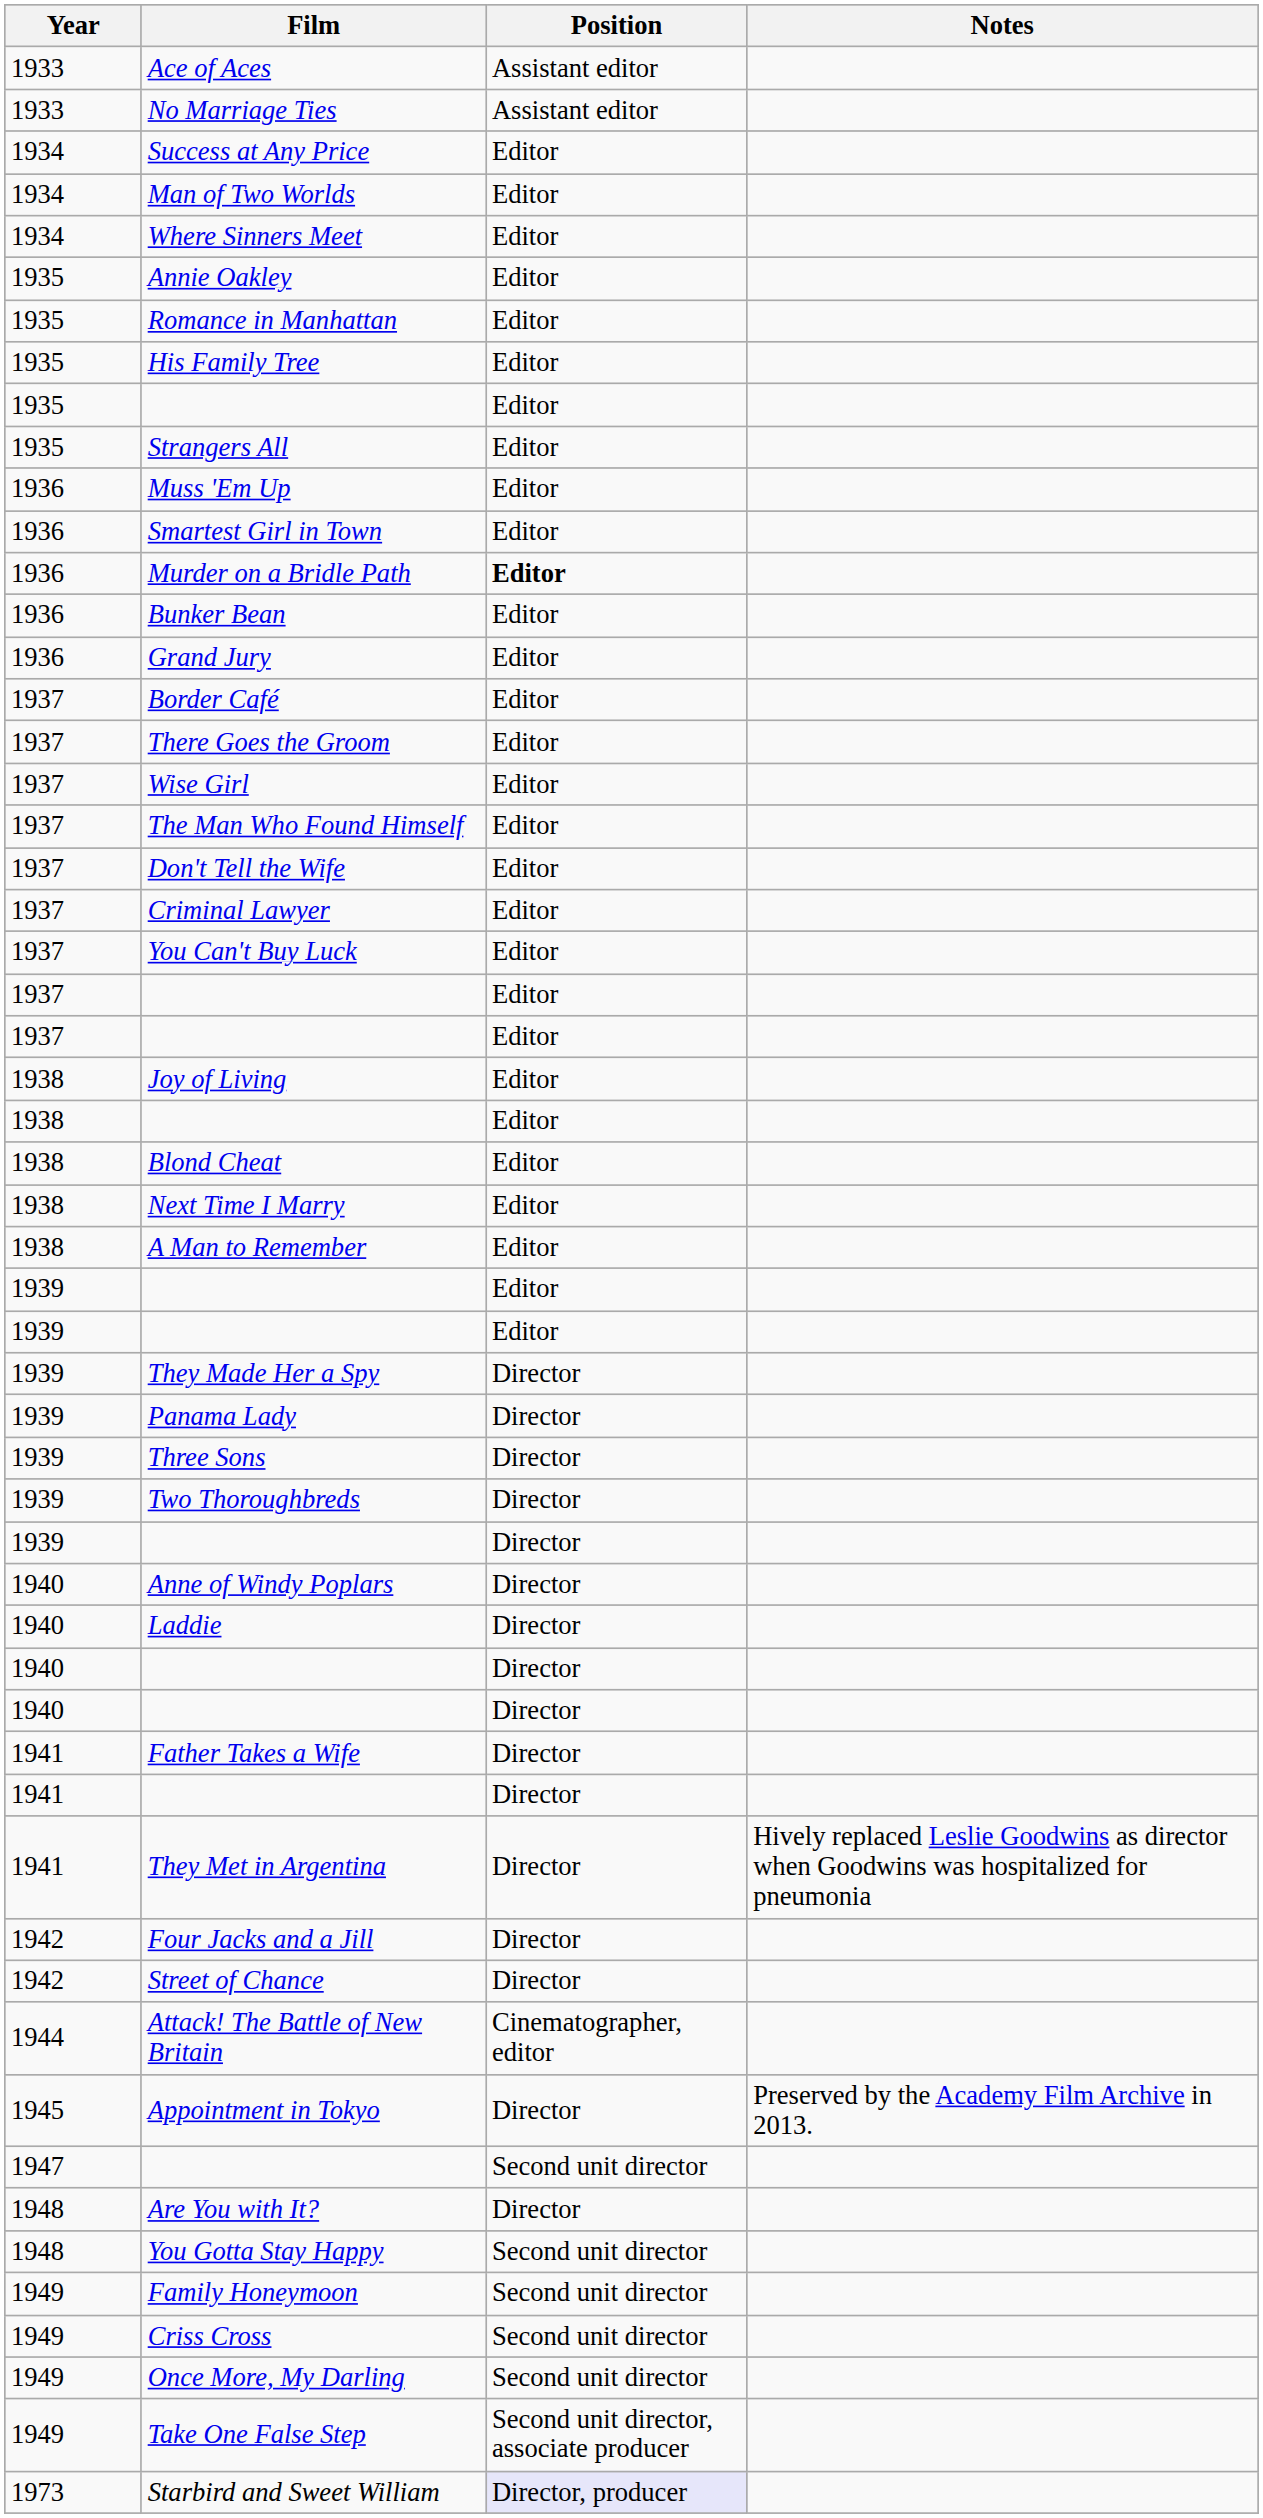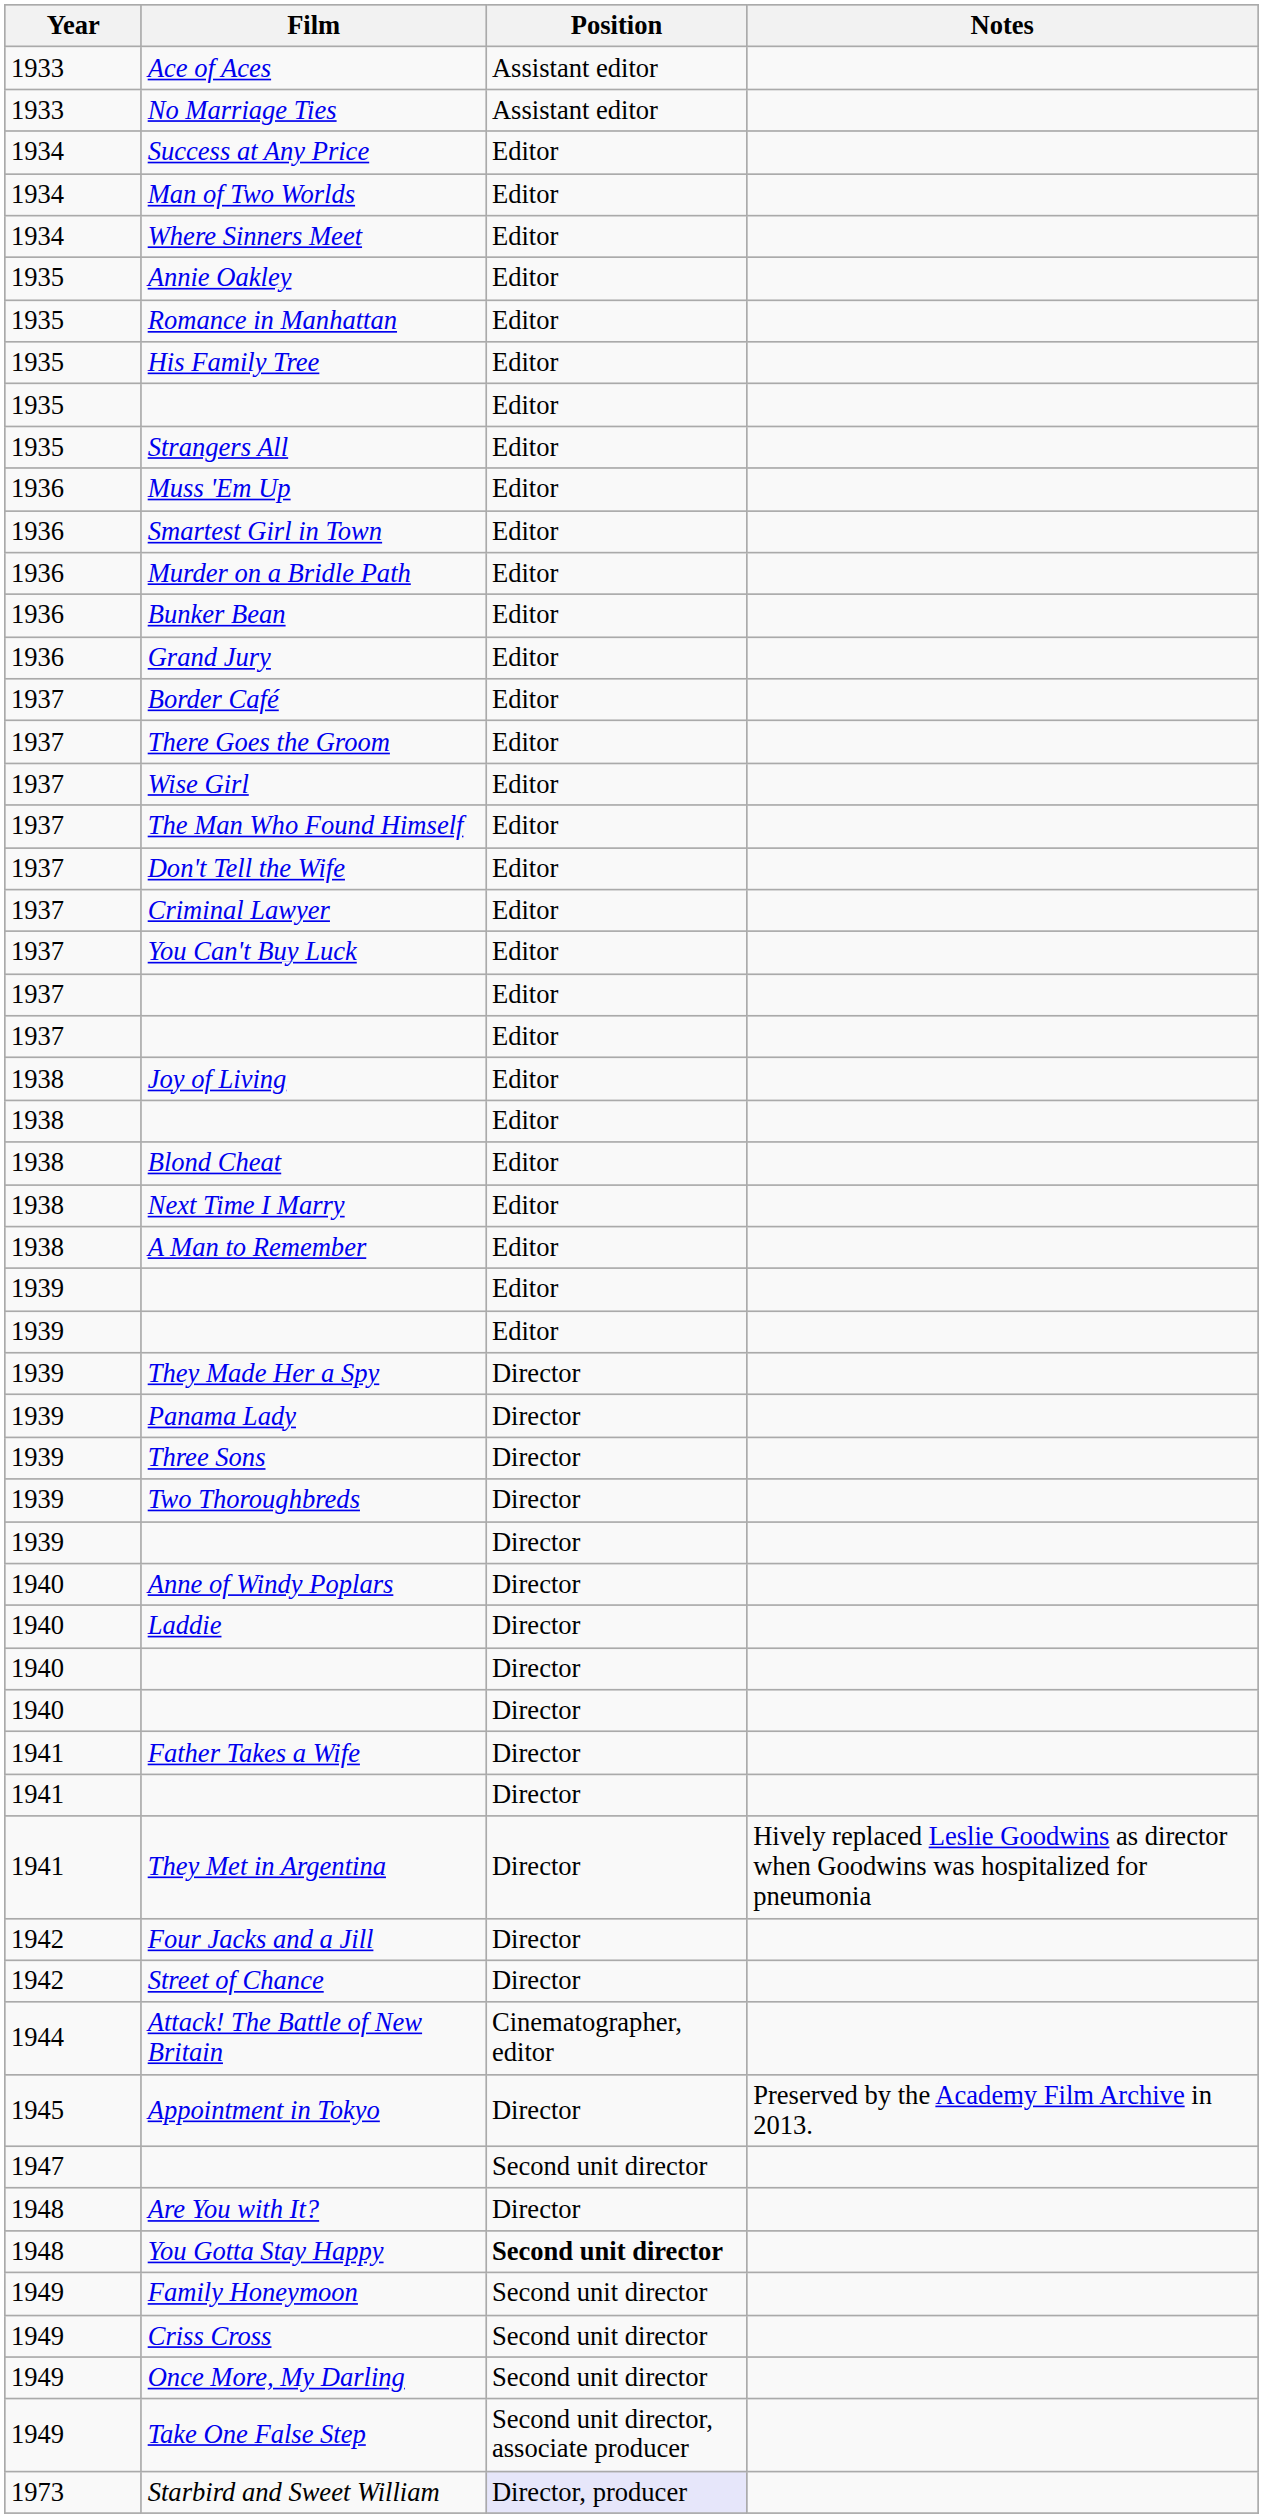 <table class="wikitable sortable plainrowheaders">
 <tr>
 <th scope="col" style="width:75px">Year</th>
 <th scope="col" style="width:200px">Film</th>
 <th scope="col" style="width:150px">Position</th>
 <th scope="col" style="width:300px" class="unsortable">Notes</th>
 </tr>
 <tr>
 <td>1933</td>
 <td><em><a href='#'>Ace of Aces</a></em></td>
 <td>Assistant editor</td>
 <td></td>
 </tr>
 <tr>
 <td>1933</td>
 <td><em><a href='#'>No Marriage Ties</a></em></td>
 <td>Assistant editor</td>
 <td></td>
 </tr>
 <tr>
 <td>1934</td>
 <td><em><a href='#'>Success at Any Price</a></em></td>
 <td>Editor</td>
 <td></td>
 </tr>
 <tr>
 <td>1934</td>
 <td><em><a href='#'>Man of Two Worlds</a></em></td>
 <td>Editor</td>
 <td></td>
 </tr>
 <tr>
 <td>1934</td>
 <td><em><a href='#'>Where Sinners Meet</a></em></td>
 <td>Editor</td>
 <td></td>
 </tr>
 <tr>
 <td>1935</td>
 <td><em><a href='#'>Annie Oakley</a></em></td>
 <td>Editor</td>
 <td></td>
 </tr>
 <tr>
 <td>1935</td>
 <td><em><a href='#'>Romance in Manhattan</a></em></td>
 <td>Editor</td>
 <td></td>
 </tr>
 <tr>
 <td>1935</td>
 <td><em><a href='#'>His Family Tree</a></em></td>
 <td>Editor</td>
 <td></td>
 </tr>
 <tr>
 <td>1935</td>
 <td><em></em></td>
 <td>Editor</td>
 <td></td>
 </tr>
 <tr>
 <td>1935</td>
 <td><em><a href='#'>Strangers All</a></em></td>
 <td>Editor</td>
 <td></td>
 </tr>
 <tr>
 <td>1936</td>
 <td><em><a href='#'>Muss 'Em Up</a></em></td>
 <td>Editor</td>
 <td></td>
 </tr>
 <tr>
 <td>1936</td>
 <td><em><a href='#'>Smartest Girl in Town</a></em></td>
 <td>Editor</td>
 <td></td>
 </tr>
 <tr>
 <td>1936</td>
 <td><em><a href='#'>Murder on a Bridle Path</a></em></td>
-<td><strong>Editor</strong></td>
+<td>Editor</td>
 <td></td>
 </tr>
 <tr>
 <td>1936</td>
 <td><em><a href='#'>Bunker Bean</a></em></td>
 <td>Editor</td>
 <td></td>
 </tr>
 <tr>
 <td>1936</td>
 <td><em><a href='#'>Grand Jury</a></em></td>
 <td>Editor</td>
 <td></td>
 </tr>
 <tr>
 <td>1937</td>
 <td><em><a href='#'>Border Café</a></em></td>
 <td>Editor</td>
 <td></td>
 </tr>
 <tr>
 <td>1937</td>
 <td><em><a href='#'>There Goes the Groom</a></em></td>
 <td>Editor</td>
 <td></td>
 </tr>
 <tr>
 <td>1937</td>
 <td><em><a href='#'>Wise Girl</a></em></td>
 <td>Editor</td>
 <td></td>
 </tr>
 <tr>
 <td>1937</td>
 <td><em><a href='#'>The Man Who Found Himself</a></em></td>
 <td>Editor</td>
 <td></td>
 </tr>
 <tr>
 <td>1937</td>
 <td><em><a href='#'>Don't Tell the Wife</a></em></td>
 <td>Editor</td>
 <td></td>
 </tr>
 <tr>
 <td>1937</td>
 <td><em><a href='#'>Criminal Lawyer</a></em></td>
 <td>Editor</td>
 <td></td>
 </tr>
 <tr>
 <td>1937</td>
 <td><em><a href='#'>You Can't Buy Luck</a></em></td>
 <td>Editor</td>
 <td></td>
 </tr>
 <tr>
 <td>1937</td>
 <td><em></em></td>
 <td>Editor</td>
 <td></td>
 </tr>
 <tr>
 <td>1937</td>
 <td><em></em></td>
 <td>Editor</td>
 <td></td>
 </tr>
 <tr>
 <td>1938</td>
 <td><em><a href='#'>Joy of Living</a></em></td>
 <td>Editor</td>
 <td></td>
 </tr>
 <tr>
 <td>1938</td>
 <td><em></em></td>
 <td>Editor</td>
 <td></td>
 </tr>
 <tr>
 <td>1938</td>
 <td><em><a href='#'>Blond Cheat</a></em></td>
 <td>Editor</td>
 <td></td>
 </tr>
 <tr>
 <td>1938</td>
 <td><em><a href='#'>Next Time I Marry</a></em></td>
 <td>Editor</td>
 <td></td>
 </tr>
 <tr>
 <td>1938</td>
 <td><em><a href='#'>A Man to Remember</a></em></td>
 <td>Editor</td>
 <td></td>
 </tr>
 <tr>
 <td>1939</td>
 <td><em></em></td>
 <td>Editor</td>
 <td></td>
 </tr>
 <tr>
 <td>1939</td>
 <td><em></em></td>
 <td>Editor</td>
 <td></td>
 </tr>
 <tr>
 <td>1939</td>
 <td><em><a href='#'>They Made Her a Spy</a></em></td>
 <td>Director</td>
 <td></td>
 </tr>
 <tr>
 <td>1939</td>
 <td><em><a href='#'>Panama Lady </a></em></td>
 <td>Director</td>
 <td></td>
 </tr>
 <tr>
 <td>1939</td>
 <td><em><a href='#'>Three Sons</a></em></td>
 <td>Director</td>
 <td></td>
 </tr>
 <tr>
 <td>1939</td>
 <td><em><a href='#'>Two Thoroughbreds</a></em></td>
 <td>Director</td>
 <td></td>
 </tr>
 <tr>
 <td>1939</td>
 <td><em></em></td>
 <td>Director</td>
 <td></td>
 </tr>
 <tr>
 <td>1940</td>
 <td><em><a href='#'>Anne of Windy Poplars</a></em></td>
 <td>Director</td>
 <td></td>
 </tr>
 <tr>
 <td>1940</td>
 <td><em><a href='#'>Laddie</a></em></td>
 <td>Director</td>
 <td></td>
 </tr>
 <tr>
 <td>1940</td>
 <td><em></em></td>
 <td>Director</td>
 <td></td>
 </tr>
 <tr>
 <td>1940</td>
 <td><em></em></td>
 <td>Director</td>
 <td></td>
 </tr>
 <tr>
 <td>1941</td>
 <td><em><a href='#'>Father Takes a Wife</a></em></td>
 <td>Director</td>
 <td></td>
 </tr>
 <tr>
 <td>1941</td>
 <td><em></em></td>
 <td>Director</td>
 <td></td>
 </tr>
 <tr>
 <td>1941</td>
 <td><em><a href='#'>They Met in Argentina</a></em></td>
 <td>Director</td>
 <td>Hively replaced <a href='#'>Leslie Goodwins</a> as director when Goodwins was hospitalized for pneumonia</td>
 </tr>
 <tr>
 <td>1942</td>
 <td><em><a href='#'>Four Jacks and a Jill</a></em></td>
 <td>Director</td>
 <td></td>
 </tr>
 <tr>
 <td>1942</td>
 <td><em><a href='#'>Street of Chance</a></em></td>
 <td>Director</td>
 <td></td>
 </tr>
 <tr>
 <td>1944</td>
 <td><em><a href='#'>Attack! The Battle of New Britain</a></em></td>
 <td>Cinematographer, editor</td>
 <td></td>
 </tr>
 <tr>
 <td>1945</td>
 <td><em><a href='#'>Appointment in Tokyo</a></em></td>
 <td>Director</td>
 <td>Preserved by the <a href='#'>Academy Film Archive</a> in 2013.</td>
 </tr>
 <tr>
 <td>1947</td>
 <td><em></em></td>
 <td>Second unit director</td>
 <td></td>
 </tr>
 <tr>
 <td>1948</td>
 <td><em><a href='#'>Are You with It?</a></em></td>
 <td>Director</td>
 <td></td>
 </tr>
 <tr>
 <td>1948</td>
 <td><em><a href='#'>You Gotta Stay Happy</a></em></td>
-<td>Second unit director</td>
+<td><strong>Second unit director</strong></td>
 <td></td>
 </tr>
 <tr>
 <td>1949</td>
 <td><em><a href='#'>Family Honeymoon</a></em></td>
 <td>Second unit director</td>
 <td></td>
 </tr>
 <tr>
 <td>1949</td>
 <td><em><a href='#'>Criss Cross</a></em></td>
 <td>Second unit director</td>
 <td></td>
 </tr>
 <tr>
 <td>1949</td>
 <td><em><a href='#'>Once More, My Darling</a></em></td>
 <td>Second unit director</td>
 <td></td>
 </tr>
 <tr>
 <td>1949</td>
 <td><em><a href='#'>Take One False Step</a></em></td>
 <td>Second unit director, associate producer</td>
 <td></td>
 </tr>
 <tr>
 <td>1973</td>
 <td><em>Starbird and Sweet William</em></td>
 <td style="background: lavender;">Director, producer</td>
 <td></td>
 </tr>
 </table>
